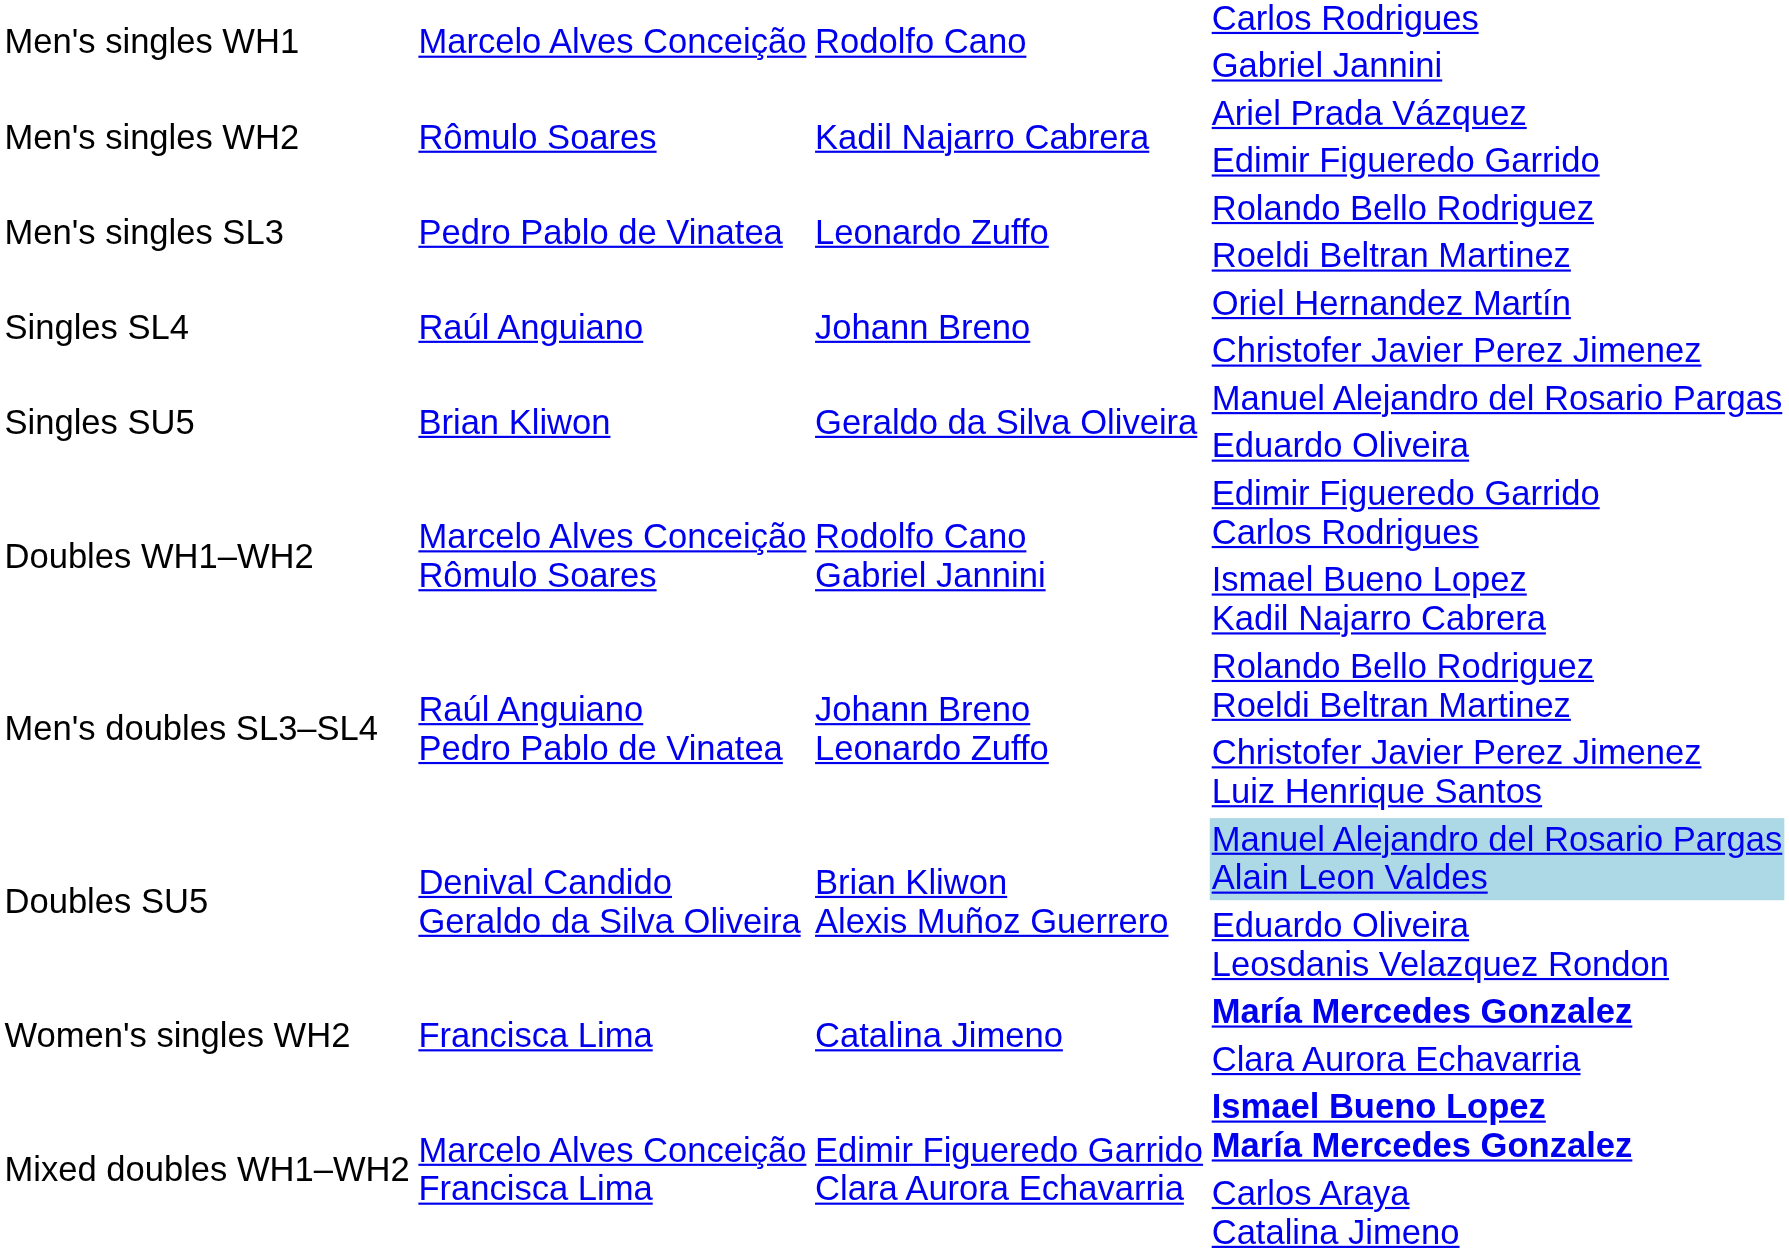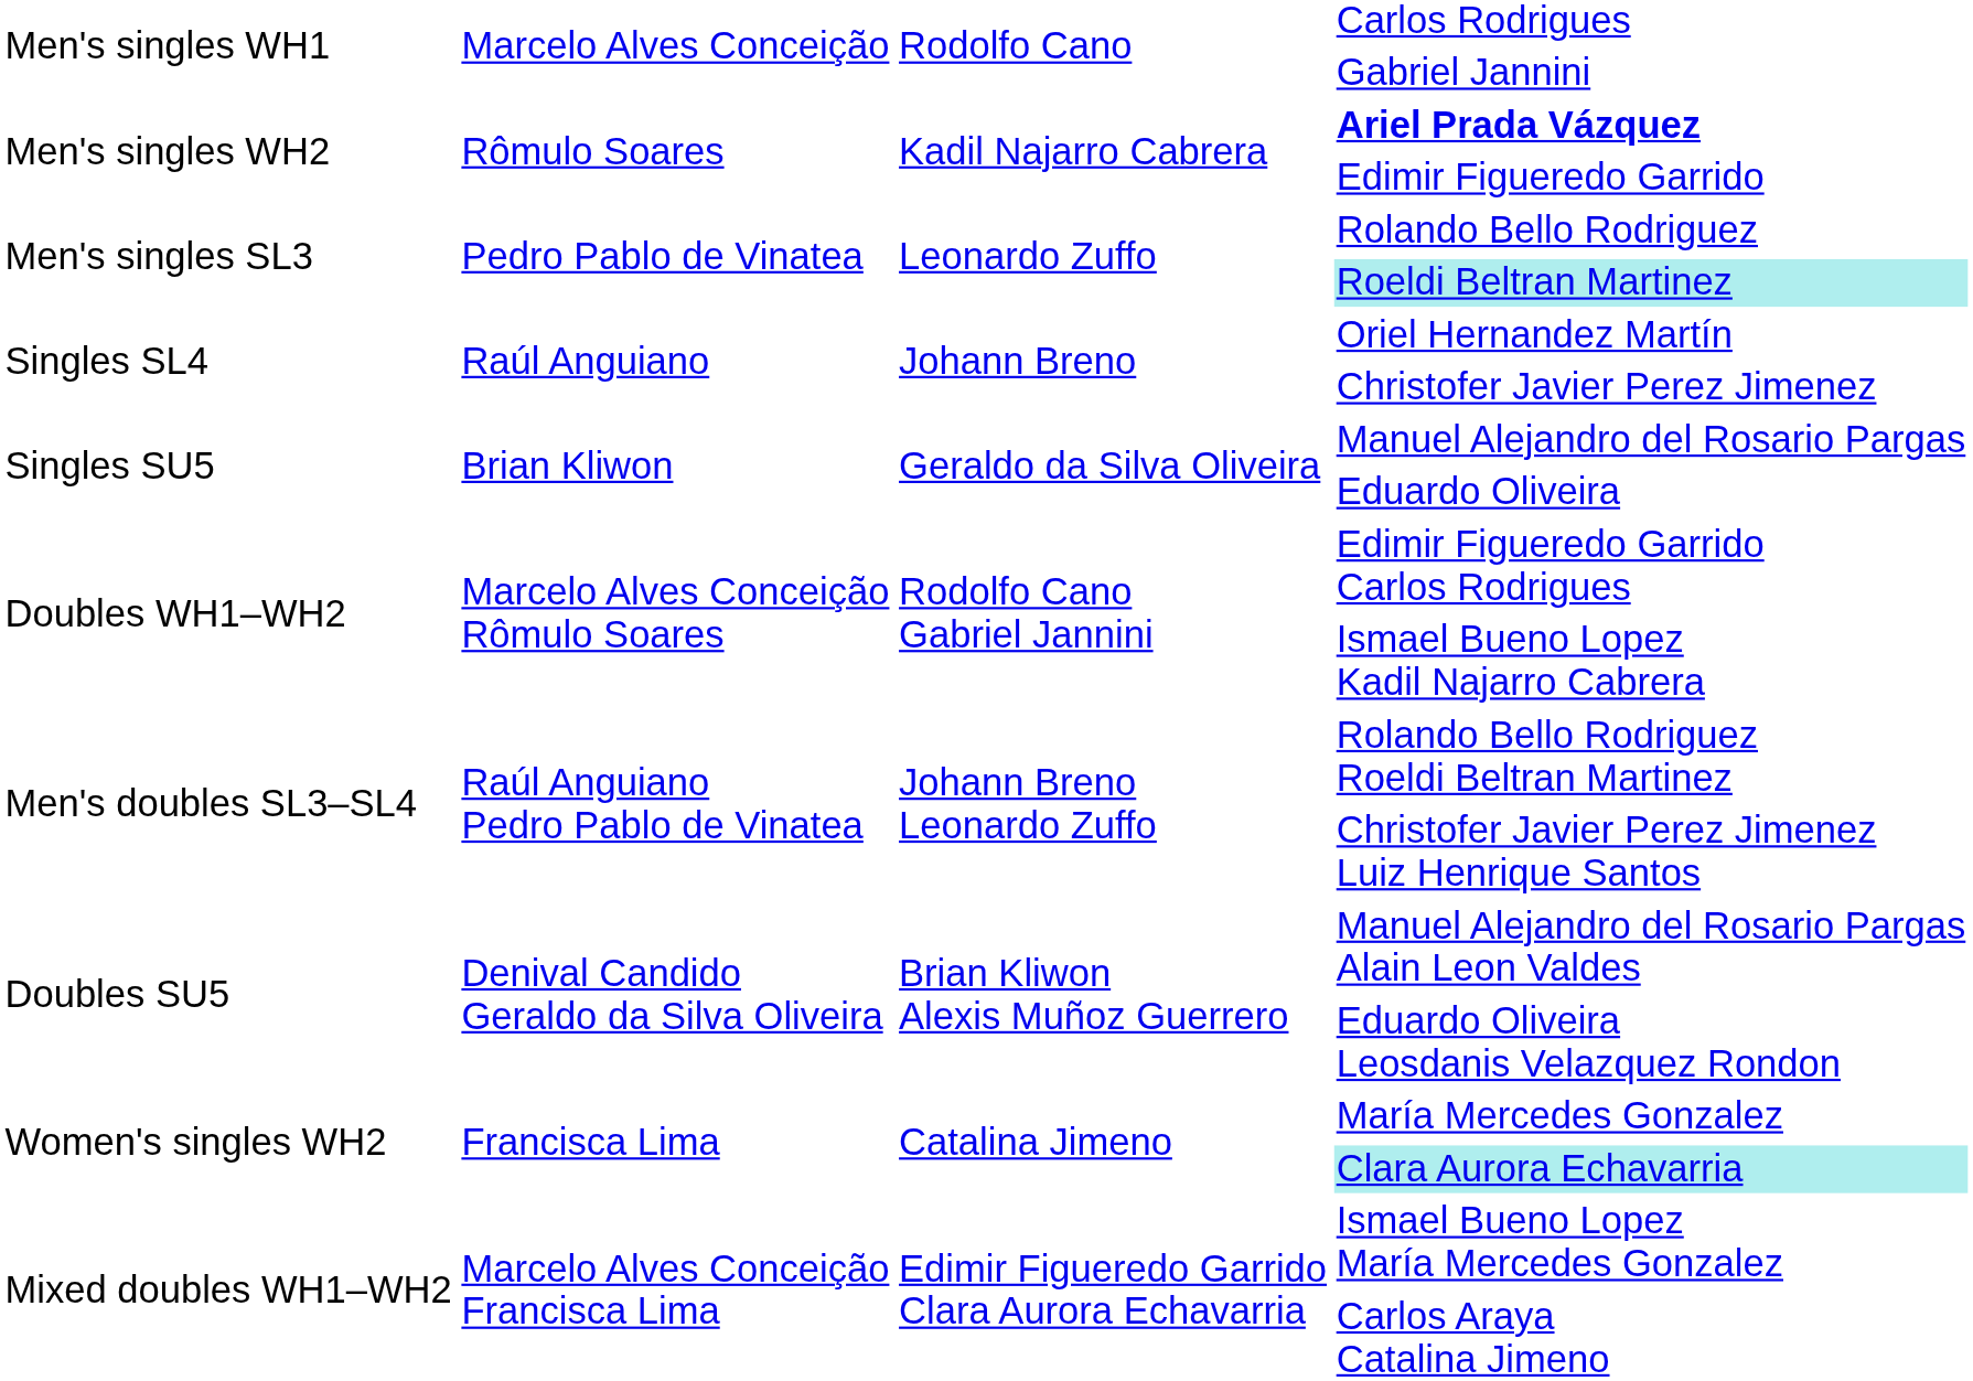 <table>
 <tr>
 <td rowspan="2">Men's singles WH1</td>
 <td rowspan="2"> <a href='#'>Marcelo Alves Conceição</a></td>
 <td rowspan="2"> <a href='#'>Rodolfo Cano</a></td>
 <td> <a href='#'>Carlos Rodrigues</a></td>
 </tr>
 <tr>
 <td> <a href='#'>Gabriel Jannini</a></td>
 </tr>
 <tr>
 <td rowspan="2">Men's singles WH2</td>
 <td rowspan="2"> <a href='#'>Rômulo Soares</a></td>
 <td rowspan="2"> <a href='#'>Kadil Najarro Cabrera</a></td>
-<td> <a href='#'>Ariel Prada Vázquez</a></td>
+<td><strong> <a href='#'>Ariel Prada Vázquez</a></strong></td>
 </tr>
 <tr>
 <td> <a href='#'>Edimir Figueredo Garrido</a></td>
 </tr>
 <tr>
 <td rowspan="2">Men's singles SL3</td>
 <td rowspan="2"> <a href='#'>Pedro Pablo de Vinatea</a></td>
 <td rowspan="2"> <a href='#'>Leonardo Zuffo</a></td>
 <td> <a href='#'>Rolando Bello Rodriguez</a></td>
 </tr>
 <tr>
-<td> <a href='#'>Roeldi Beltran Martinez</a></td>
+<td style="background: paleturquoise;"> <a href='#'>Roeldi Beltran Martinez</a></td>
 </tr>
 <tr>
 <td rowspan="2">Singles SL4</td>
 <td rowspan="2"> <a href='#'>Raúl Anguiano</a></td>
 <td rowspan="2"> <a href='#'>Johann Breno</a></td>
 <td> <a href='#'>Oriel Hernandez Martín</a></td>
 </tr>
 <tr>
 <td> <a href='#'>Christofer Javier Perez Jimenez</a></td>
 </tr>
 <tr>
 <td rowspan="2">Singles SU5</td>
 <td rowspan="2"> <a href='#'>Brian Kliwon</a></td>
 <td rowspan="2"> <a href='#'>Geraldo da Silva Oliveira</a></td>
 <td> <a href='#'>Manuel Alejandro del Rosario Pargas</a></td>
 </tr>
 <tr>
 <td> <a href='#'>Eduardo Oliveira</a></td>
 </tr>
 <tr>
 <td rowspan="2">Doubles WH1–WH2</td>
 <td rowspan="2"> <a href='#'>Marcelo Alves Conceição</a><br> <a href='#'>Rômulo Soares</a></td>
 <td rowspan="2"> <a href='#'>Rodolfo Cano</a><br> <a href='#'>Gabriel Jannini</a></td>
 <td> <a href='#'>Edimir Figueredo Garrido</a><br> <a href='#'>Carlos Rodrigues</a></td>
 </tr>
 <tr>
 <td> <a href='#'>Ismael Bueno Lopez</a><br> <a href='#'>Kadil Najarro Cabrera</a></td>
 </tr>
 <tr>
 <td rowspan="2">Men's doubles SL3–SL4</td>
 <td rowspan="2"> <a href='#'>Raúl Anguiano</a><br> <a href='#'>Pedro Pablo de Vinatea</a></td>
 <td rowspan="2"> <a href='#'>Johann Breno</a><br> <a href='#'>Leonardo Zuffo</a></td>
 <td> <a href='#'>Rolando Bello Rodriguez</a><br> <a href='#'>Roeldi Beltran Martinez</a></td>
 </tr>
 <tr>
 <td> <a href='#'>Christofer Javier Perez Jimenez</a><br> <a href='#'>Luiz Henrique Santos</a></td>
 </tr>
 <tr>
 <td rowspan="2">Doubles SU5</td>
 <td rowspan="2"> <a href='#'>Denival Candido</a><br> <a href='#'>Geraldo da Silva Oliveira</a></td>
 <td rowspan="2"> <a href='#'>Brian Kliwon</a><br> <a href='#'>Alexis Muñoz Guerrero</a></td>
-<td style="background: lightblue;"> <a href='#'>Manuel Alejandro del Rosario Pargas</a><br> <a href='#'>Alain Leon Valdes</a></td>
+<td> <a href='#'>Manuel Alejandro del Rosario Pargas</a><br> <a href='#'>Alain Leon Valdes</a></td>
 </tr>
 <tr>
 <td> <a href='#'>Eduardo Oliveira</a><br> <a href='#'>Leosdanis Velazquez Rondon</a></td>
 </tr>
 <tr>
 <td rowspan="2">Women's singles WH2</td>
 <td rowspan="2"> <a href='#'>Francisca Lima</a></td>
 <td rowspan="2"> <a href='#'>Catalina Jimeno</a></td>
-<td><strong> <a href='#'>María Mercedes Gonzalez</a></strong></td>
+<td> <a href='#'>María Mercedes Gonzalez</a></td>
 </tr>
 <tr>
-<td> <a href='#'>Clara Aurora Echavarria</a></td>
+<td style="background: paleturquoise;"> <a href='#'>Clara Aurora Echavarria</a></td>
 </tr>
 <tr>
 <td rowspan="2">Mixed doubles WH1–WH2</td>
 <td rowspan="2"> <a href='#'>Marcelo Alves Conceição</a><br> <a href='#'>Francisca Lima</a></td>
 <td rowspan="2"> <a href='#'>Edimir Figueredo Garrido</a><br> <a href='#'>Clara Aurora Echavarria</a></td>
-<td><strong> <a href='#'>Ismael Bueno Lopez</a><br> <a href='#'>María Mercedes Gonzalez</a></strong></td>
+<td> <a href='#'>Ismael Bueno Lopez</a><br> <a href='#'>María Mercedes Gonzalez</a></td>
 </tr>
 <tr>
 <td> <a href='#'>Carlos Araya</a><br> <a href='#'>Catalina Jimeno</a></td>
 </tr>
 </table>
